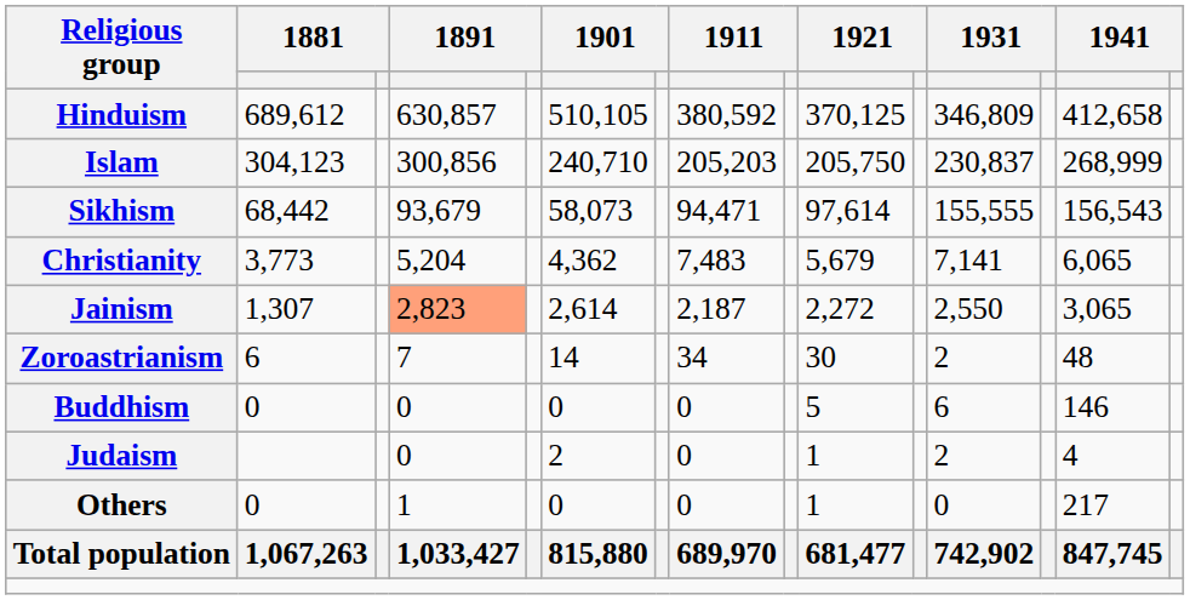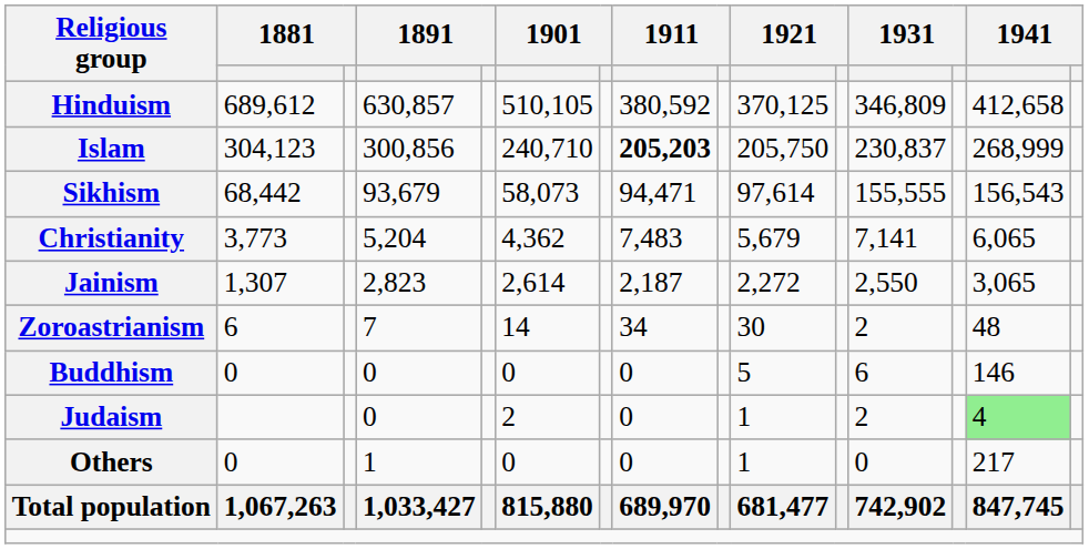 <table class="wikitable sortable">
 <tr>
 <th rowspan="2"><a href='#'>Religious</a><br>group</th>
 <th colspan="2">1881</th>
 <th colspan="2">1891</th>
 <th colspan="2">1901</th>
 <th colspan="2">1911</th>
 <th colspan="2">1921</th>
 <th colspan="2">1931</th>
 <th colspan="2">1941</th>
 </tr>
 <tr>
 <th><a href='#'></a></th>
 <th></th>
 <th></th>
 <th></th>
 <th></th>
 <th></th>
 <th></th>
 <th></th>
 <th></th>
 <th></th>
 <th></th>
 <th></th>
 <th></th>
 <th></th>
 </tr>
 <tr>
 <th><a href='#'>Hinduism</a> </th>
 <td>689,612</td>
 <td></td>
 <td>630,857</td>
 <td></td>
 <td>510,105</td>
 <td></td>
 <td>380,592</td>
 <td></td>
 <td>370,125</td>
 <td></td>
 <td>346,809</td>
 <td></td>
 <td>412,658</td>
 <td></td>
 </tr>
 <tr>
 <th><a href='#'>Islam</a> </th>
 <td>304,123</td>
 <td></td>
 <td>300,856</td>
 <td></td>
 <td>240,710</td>
 <td></td>
-<td>205,203</td>
+<td><strong>205,203</strong></td>
 <td></td>
 <td>205,750</td>
 <td></td>
 <td>230,837</td>
 <td></td>
 <td>268,999</td>
 <td></td>
 </tr>
 <tr>
 <th><a href='#'>Sikhism</a> </th>
 <td>68,442</td>
 <td></td>
 <td>93,679</td>
 <td></td>
 <td>58,073</td>
 <td></td>
 <td>94,471</td>
 <td></td>
 <td>97,614</td>
 <td></td>
 <td>155,555</td>
 <td></td>
 <td>156,543</td>
 <td></td>
 </tr>
 <tr>
 <th><a href='#'>Christianity</a> </th>
 <td>3,773</td>
 <td></td>
 <td>5,204</td>
 <td></td>
 <td>4,362</td>
 <td></td>
 <td>7,483</td>
 <td></td>
 <td>5,679</td>
 <td></td>
 <td>7,141</td>
 <td></td>
 <td>6,065</td>
 <td></td>
 </tr>
 <tr>
 <th><a href='#'>Jainism</a> </th>
 <td>1,307</td>
 <td></td>
-<td style="background: lightsalmon;">2,823</td>
+<td>2,823</td>
 <td></td>
 <td>2,614</td>
 <td></td>
 <td>2,187</td>
 <td></td>
 <td>2,272</td>
 <td></td>
 <td>2,550</td>
 <td></td>
 <td>3,065</td>
 <td></td>
 </tr>
 <tr>
 <th><a href='#'>Zoroastrianism</a> </th>
 <td>6</td>
 <td></td>
 <td>7</td>
 <td></td>
 <td>14</td>
 <td></td>
 <td>34</td>
 <td></td>
 <td>30</td>
 <td></td>
 <td>2</td>
 <td></td>
 <td>48</td>
 <td></td>
 </tr>
 <tr>
 <th><a href='#'>Buddhism</a> </th>
 <td>0</td>
 <td></td>
 <td>0</td>
 <td></td>
 <td>0</td>
 <td></td>
 <td>0</td>
 <td></td>
 <td>5</td>
 <td></td>
 <td>6</td>
 <td></td>
 <td>146</td>
 <td></td>
 </tr>
 <tr>
 <th><a href='#'>Judaism</a> </th>
 <td></td>
 <td></td>
 <td>0</td>
 <td></td>
 <td>2</td>
 <td></td>
 <td>0</td>
 <td></td>
 <td>1</td>
 <td></td>
 <td>2</td>
 <td></td>
-<td>4</td>
+<td style="background: lightgreen;">4</td>
 <td></td>
 </tr>
 <tr>
 <th>Others</th>
 <td>0</td>
 <td></td>
 <td>1</td>
 <td></td>
 <td>0</td>
 <td></td>
 <td>0</td>
 <td></td>
 <td>1</td>
 <td></td>
 <td>0</td>
 <td></td>
 <td>217</td>
 <td></td>
 </tr>
 <tr>
 <th>Total population</th>
 <th>1,067,263</th>
 <th></th>
 <th>1,033,427</th>
 <th></th>
 <th>815,880</th>
 <th></th>
 <th>689,970</th>
 <th></th>
 <th>681,477</th>
 <th></th>
 <th>742,902</th>
 <th></th>
 <th>847,745</th>
 <th></th>
 </tr>
 <tr class="sortbottom">
 <td colspan="15"></td>
 </tr>
 </table>
